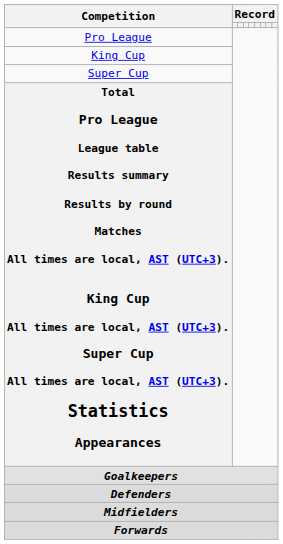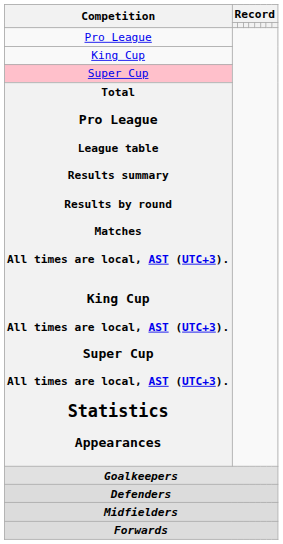 <table class="wikitable" style="text-align: center">
 <tr>
 <th rowspan=2>Competition</th>
 <th colspan=8>Record</th>
 </tr>
 <tr>
 <th></th>
 <th></th>
 <th></th>
 <th></th>
 <th></th>
 <th></th>
 <th></th>
 <th></th>
 </tr>
 <tr>
 <td><a href='#'>Pro League</a><br></td>
 </tr>
 <tr>
 <td><a href='#'>King Cup</a><br></td>
 </tr>
 <tr>
-<td><a href='#'>Super Cup</a><br></td>
+<td style="background: pink;"><a href='#'>Super Cup</a><br></td>
 </tr>
 <tr>
 <th>Total<br> <h3>Pro League</h3><h4>League table</h4><h4>Results summary</h4> <h4>Results by round</h4><h4>Matches</h4>All times are local, <a href='#'>AST</a> (<a href='#'>UTC+3</a>).<br>   <br>                             <h3>King Cup</h3> All times are local, <a href='#'>AST</a> (<a href='#'>UTC+3</a>).<br>  <h3>Super Cup</h3> All times are local, <a href='#'>AST</a> (<a href='#'>UTC+3</a>).<br> <h2>Statistics</h2><h3>Appearances</h3></th>
 </tr>
 <tr>
 <th colspan=18 style=background:#dcdcdcdc; text-align:center><em>Goalkeepers</em><br>  </th>
 </tr>
 <tr>
 <th colspan=16 style=background:#dcdcdc; text-align:center><em>Defenders</em><br>         </th>
 </tr>
 <tr>
 <th colspan=16 style=background:#dcdcdc; text-align:center><em>Midfielders</em><br>           </th>
 </tr>
 <tr>
 <th colspan=16 style=background:#dcdcdc; text-align:center><em>Forwards</em><br>   </th>
 </tr>
 </table>
